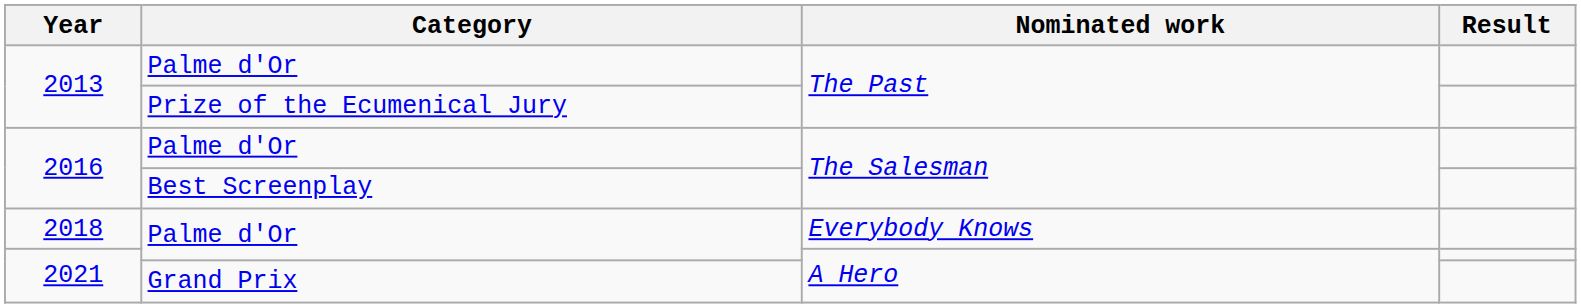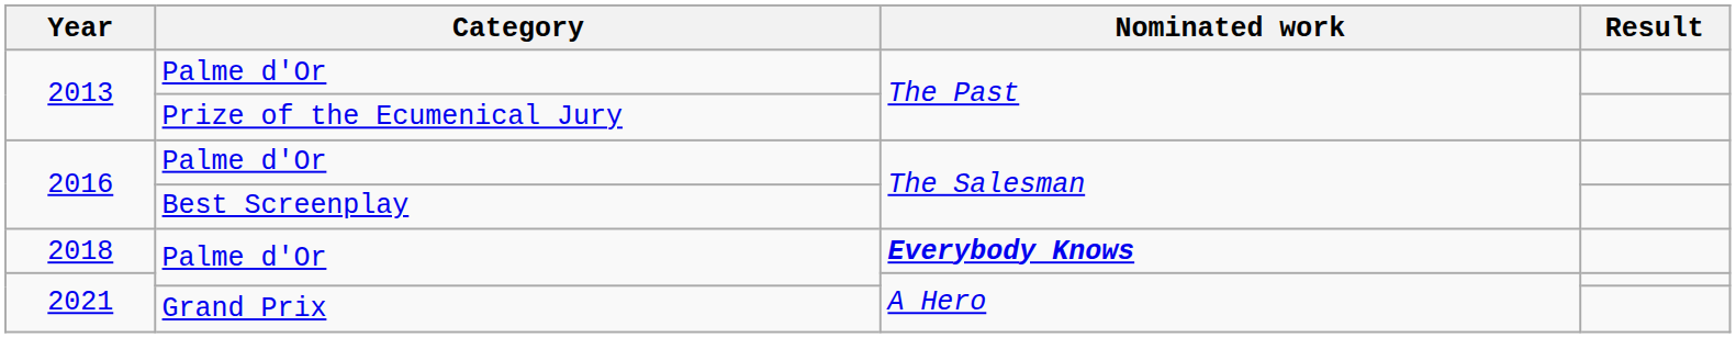 <table class=wikitable>
 <tr>
 <th scope="col" style="width:5em;">Year</th>
 <th scope="col" style="width:26em;">Category</th>
 <th scope="col" style="width:25em;">Nominated work</th>
 <th scope="col" style="width:5em;">Result</th>
 </tr>
 <tr>
 <td rowspan="2", style="text-align:center;"><a href='#'>2013</a></td>
 <td><a href='#'>Palme d'Or</a></td>
 <td rowspan="2"><em><a href='#'>The Past</a></em></td>
 <td></td>
 </tr>
 <tr>
 <td><a href='#'>Prize of the Ecumenical Jury</a></td>
 <td></td>
 </tr>
 <tr>
 <td rowspan="2", style="text-align:center;"><a href='#'>2016</a></td>
 <td><a href='#'>Palme d'Or</a></td>
 <td rowspan="2"><em><a href='#'>The Salesman</a></em></td>
 <td></td>
 </tr>
 <tr>
 <td><a href='#'>Best Screenplay</a></td>
 <td></td>
 </tr>
 <tr>
 <td style="text-align:center;"><a href='#'>2018</a></td>
 <td rowspan=2><a href='#'>Palme d'Or</a></td>
-<td><em><a href='#'>Everybody Knows</a></em></td>
+<td><strong><em><a href='#'>Everybody Knows</a></em></strong></td>
 <td></td>
 </tr>
 <tr>
 <td rowspan=2, style="text-align:center;"><a href='#'>2021</a></td>
 <td rowspan=2><em><a href='#'>A Hero</a></em></td>
 <td></td>
 </tr>
 <tr>
 <td><a href='#'>Grand Prix</a></td>
 <td></td>
 </tr>
 </table>
